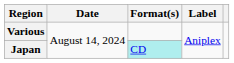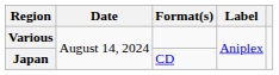 <table class="wikitable plainrowheaders">
 <tr>
 <th scope="col">Region</th>
 <th scope="col">Date</th>
 <th scope="col">Format(s)</th>
 <th scope="col">Label</th>
 <th scope="col"></th>
 </tr>
 <tr>
 <th scope="row">Various</th>
 <td rowspan="2">August 14, 2024</td>
 <td></td>
 <td rowspan="2"><a href='#'>Aniplex</a></td>
 <td style="text-align:center;" rowspan="2"></td>
 </tr>
 <tr>
 <th scope="row">Japan</th>
-<td style="background: paleturquoise;"><a href='#'>CD</a></td>
+<td><a href='#'>CD</a></td>
 </tr>
 </table>
